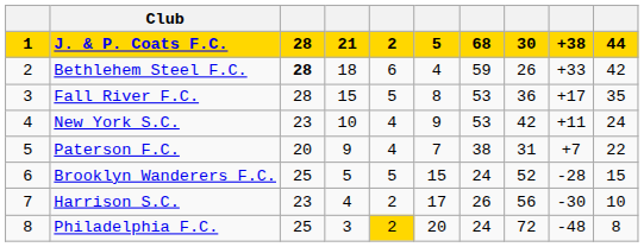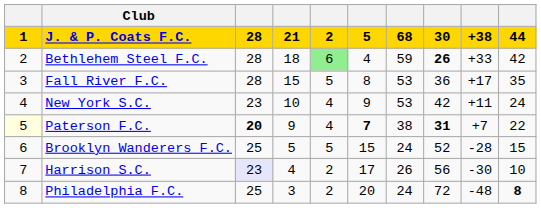 <table class="wikitable" style="text-align:center">
 <tr>
 <th width=30></th>
 <th>Club</th>
 <th width=30></th>
 <th width=30></th>
 <th width=30></th>
 <th width=30></th>
 <th width=30></th>
 <th width=30></th>
 <th width=30></th>
 <th width=30></th>
 </tr>
 <tr bgcolor="gold">
 <td><strong>1</strong></td>
 <td align=left><strong><a href='#'>J. & P. Coats F.C.</a></strong></td>
 <td><strong>28</strong></td>
 <td><strong>21</strong></td>
 <td><strong>2</strong></td>
 <td><strong>5</strong></td>
 <td><strong>68</strong></td>
 <td><strong>30</strong></td>
 <td><strong>+38</strong></td>
 <td><strong>44</strong></td>
 </tr>
 <tr>
 <td>2</td>
 <td align=left><a href='#'>Bethlehem Steel F.C.</a></td>
-<td><strong>28</strong></td>
+<td>28</td>
 <td>18</td>
-<td>6</td>
+<td style="background: lightgreen;">6</td>
 <td>4</td>
 <td>59</td>
-<td>26</td>
+<td><strong>26</strong></td>
 <td>+33</td>
 <td>42</td>
 </tr>
 <tr>
 <td>3</td>
 <td align=left><a href='#'>Fall River F.C.</a></td>
 <td>28</td>
 <td>15</td>
 <td>5</td>
 <td>8</td>
 <td>53</td>
 <td>36</td>
 <td>+17</td>
 <td>35</td>
 </tr>
 <tr>
 <td>4</td>
 <td align=left><a href='#'>New York S.C.</a></td>
 <td>23</td>
 <td>10</td>
 <td>4</td>
 <td>9</td>
 <td>53</td>
 <td>42</td>
 <td>+11</td>
 <td>24</td>
 </tr>
 <tr>
-<td>5</td>
+<td style="background: lightyellow;">5</td>
 <td align=left><a href='#'>Paterson F.C.</a></td>
-<td>20</td>
+<td><strong>20</strong></td>
 <td>9</td>
 <td>4</td>
-<td>7</td>
+<td><strong>7</strong></td>
 <td>38</td>
-<td>31</td>
+<td><strong>31</strong></td>
 <td>+7</td>
 <td>22</td>
 </tr>
 <tr>
 <td>6</td>
 <td align=left><a href='#'>Brooklyn Wanderers F.C.</a></td>
 <td>25</td>
 <td>5</td>
 <td>5</td>
 <td>15</td>
 <td>24</td>
 <td>52</td>
 <td>-28</td>
 <td>15</td>
 </tr>
 <tr>
 <td>7</td>
 <td align=left><a href='#'>Harrison S.C.</a></td>
-<td>23</td>
+<td style="background: lavender;">23</td>
 <td>4</td>
 <td>2</td>
 <td>17</td>
 <td>26</td>
 <td>56</td>
 <td>-30</td>
 <td>10</td>
 </tr>
 <tr>
 <td>8</td>
 <td align=left><a href='#'>Philadelphia F.C.</a></td>
 <td>25</td>
 <td>3</td>
-<td style="background: gold;">2</td>
+<td>2</td>
 <td>20</td>
 <td>24</td>
 <td>72</td>
 <td>-48</td>
-<td>8</td>
+<td><strong>8</strong></td>
 </tr>
 </table>
